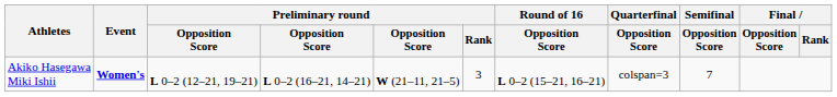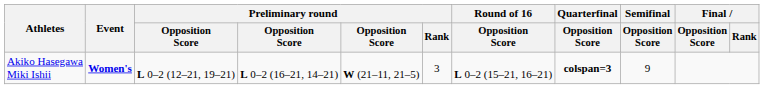 <table class=wikitable style=font-size:90%;text-align:center>
 <tr>
 <th rowspan=2>Athletes</th>
 <th rowspan=2>Event</th>
 <th colspan=4>Preliminary round</th>
 <th>Round of 16</th>
 <th>Quarterfinal</th>
 <th>Semifinal</th>
 <th colspan=2>Final / </th>
 </tr>
 <tr style=font-size:95%>
 <th>Opposition<br>Score</th>
 <th>Opposition<br>Score</th>
 <th>Opposition<br>Score</th>
 <th>Rank</th>
 <th>Opposition<br>Score</th>
 <th>Opposition<br>Score</th>
 <th>Opposition<br>Score</th>
 <th>Opposition<br>Score</th>
 <th>Rank</th>
 </tr>
 <tr>
 <td align=left><a href='#'>Akiko Hasegawa</a><br><a href='#'>Miki Ishii</a></td>
 <td align=left><strong><a href='#'>Women's</a></strong></td>
 <td><br><strong>L</strong> 0–2 (12–21, 19–21)</td>
 <td><br><strong>L</strong> 0–2 (16–21, 14–21)</td>
 <td><br><strong>W</strong> (21–11, 21–5)</td>
 <td>3</td>
 <td><br><strong>L</strong> 0–2 (15–21, 16–21)</td>
-<td>colspan=3 </td>
-<td>7</td>
+<td><strong>colspan=3 </strong></td>
+<td>9</td>
 </tr>
 </table>
